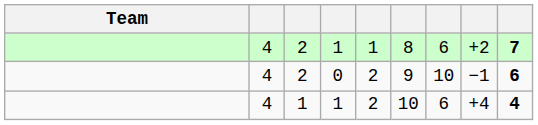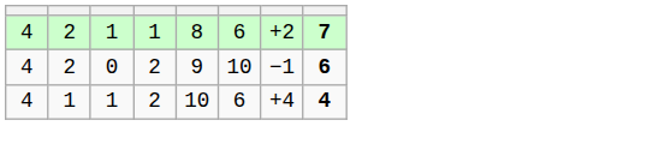 <table class="wikitable" style="text-align:center">
 <tr>
-<th width="175">Team</th>
 <th width="20"></th>
 <th width="20"></th>
 <th width="20"></th>
 <th width="20"></th>
 <th width="20"></th>
 <th width="20"></th>
 <th width="20"></th>
 <th width="20"></th>
 </tr>
 <tr bgcolor=#ccffcc>
-<td align=left></td>
 <td>4</td>
 <td>2</td>
 <td>1</td>
 <td>1</td>
 <td>8</td>
 <td>6</td>
 <td>+2</td>
 <td><strong>7</strong></td>
 </tr>
 <tr>
-<td align=left></td>
 <td>4</td>
 <td>2</td>
 <td>0</td>
 <td>2</td>
 <td>9</td>
 <td>10</td>
 <td>−1</td>
 <td><strong>6</strong></td>
 </tr>
 <tr>
-<td align=left></td>
 <td>4</td>
 <td>1</td>
 <td>1</td>
 <td>2</td>
 <td>10</td>
 <td>6</td>
 <td>+4</td>
 <td><strong>4</strong></td>
 </tr>
 </table>
